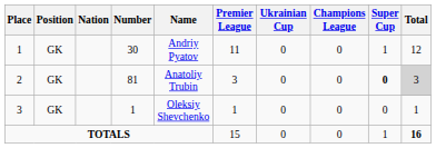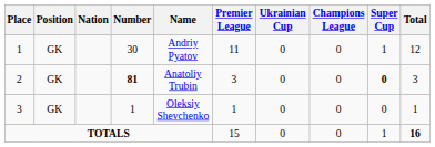 <table class="wikitable" style="font-size: 95%; text-align: center;">
 <tr>
 <th width=20>Place</th>
 <th width=20>Position</th>
 <th width=20>Nation</th>
 <th width=20>Number</th>
 <th width=150>Name</th>
 <th width=150><a href='#'>Premier League</a></th>
 <th width=150><a href='#'>Ukrainian Cup</a></th>
 <th width=150><a href='#'>Champions League</a></th>
 <th width=80><a href='#'>Super Cup</a></th>
 <th width=80>Total</th>
 </tr>
 <tr>
 <td>1</td>
 <td>GK</td>
 <td></td>
 <td>30</td>
 <td><a href='#'>Andriy Pyatov</a></td>
 <td>11</td>
 <td>0</td>
 <td>0</td>
 <td>1</td>
 <td>12</td>
 </tr>
 <tr>
 <td>2</td>
 <td>GK</td>
 <td></td>
-<td>81</td>
+<td><strong>81</strong></td>
 <td><a href='#'>Anatoliy Trubin</a></td>
 <td>3</td>
 <td>0</td>
 <td>0</td>
 <td><strong>0</strong></td>
-<td style="background: lightgrey;">3</td>
+<td>3</td>
 </tr>
 <tr>
 <td>3</td>
 <td>GK</td>
 <td></td>
 <td>1</td>
 <td><a href='#'>Oleksiy Shevchenko</a></td>
 <td>1</td>
 <td>0</td>
 <td>0</td>
 <td>0</td>
 <td>1</td>
 </tr>
 <tr>
 <td colspan="5"><strong>TOTALS</strong></td>
 <td>15</td>
 <td>0</td>
 <td>0</td>
 <td>1</td>
 <td><strong>16</strong></td>
 </tr>
 </table>
